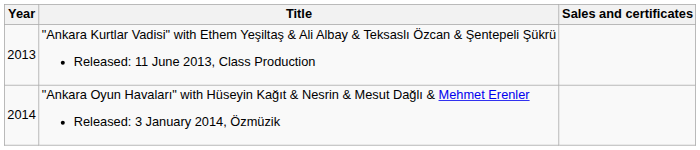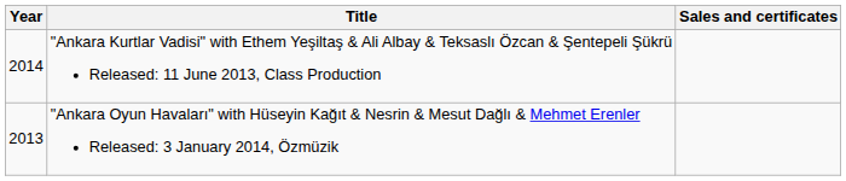 <table class="wikitable">
 <tr>
 <th>Year</th>
 <th>Title</th>
 <th>Sales and certificates</th>
 </tr>
 <tr>
-<td>2013</td>
+<td>2014</td>
 <td>"Ankara Kurtlar Vadisi" with Ethem Yeşiltaş & Ali Albay & Teksaslı Özcan & Şentepeli Şükrü<br><ul><li>Released: 11 June 2013, Class Production</li></ul></td>
 <td></td>
 </tr>
 <tr>
-<td>2014</td>
+<td>2013</td>
 <td>"Ankara Oyun Havaları" with Hüseyin Kağıt & Nesrin & Mesut Dağlı & <a href='#'>Mehmet Erenler</a><br><ul><li>Released: 3 January 2014, Özmüzik</li></ul></td>
 <td></td>
 </tr>
 </table>
